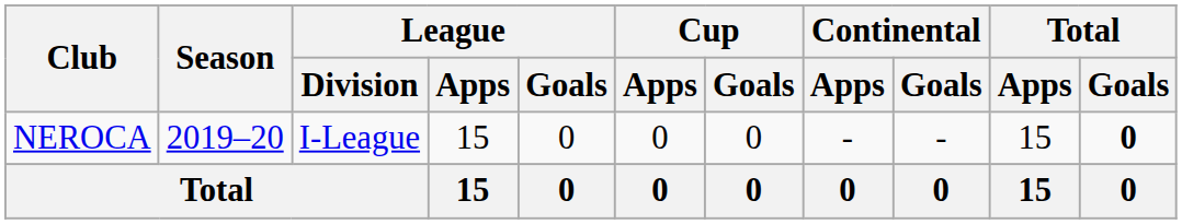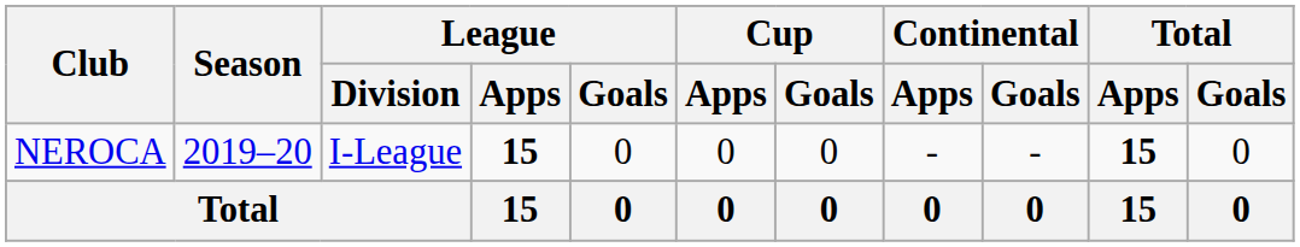 <table class=wikitable style=text-align:center>
 <tr>
 <th rowspan=2>Club</th>
 <th rowspan=2>Season</th>
 <th colspan=3>League</th>
 <th colspan=2>Cup</th>
 <th colspan=2>Continental</th>
 <th colspan=2>Total</th>
 </tr>
 <tr>
 <th>Division</th>
 <th>Apps</th>
 <th>Goals</th>
 <th>Apps</th>
 <th>Goals</th>
 <th>Apps</th>
 <th>Goals</th>
 <th>Apps</th>
 <th>Goals</th>
 </tr>
 <tr>
 <td><a href='#'>NEROCA</a></td>
 <td><a href='#'>2019–20</a></td>
 <td><a href='#'>I-League</a></td>
-<td>15</td>
+<td><strong>15</strong></td>
 <td>0</td>
 <td>0</td>
 <td>0</td>
 <td>-</td>
 <td>-</td>
-<td>15</td>
-<td><strong>0</strong></td>
+<td><strong>15</strong></td>
+<td>0</td>
 </tr>
 <tr>
 <th colspan="3">Total</th>
 <th>15</th>
 <th>0</th>
 <th>0</th>
 <th>0</th>
 <th>0</th>
 <th>0</th>
 <th>15</th>
 <th>0</th>
 </tr>
 </table>
